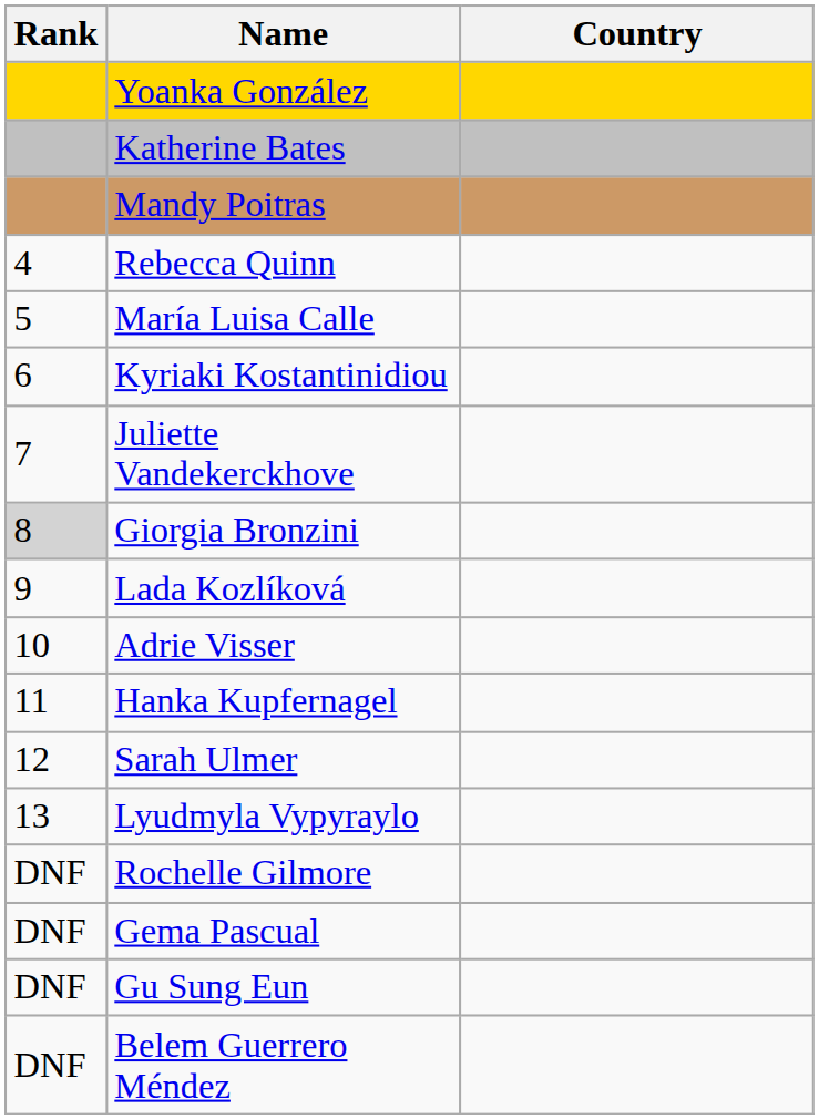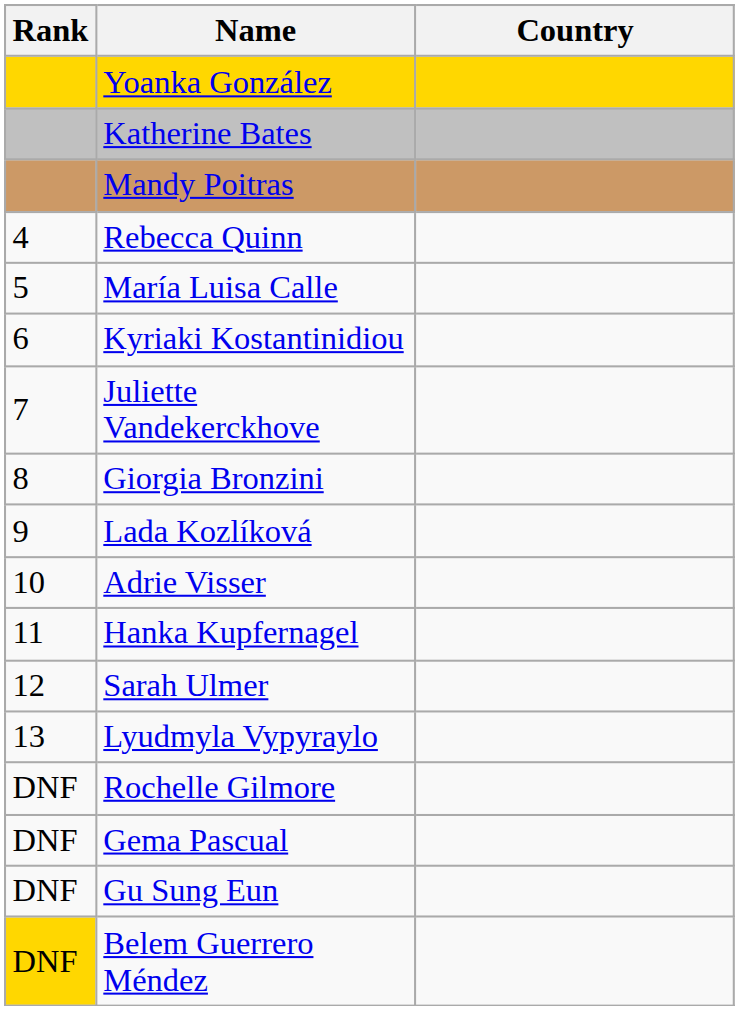 <table class="wikitable sortable">
 <tr>
 <th width=20>Rank</th>
 <th width=150>Name</th>
 <th width=150>Country</th>
 </tr>
 <tr bgcolor=gold>
 <td></td>
 <td><a href='#'>Yoanka González</a></td>
 <td></td>
 </tr>
 <tr bgcolor=silver>
 <td></td>
 <td><a href='#'>Katherine Bates</a></td>
 <td></td>
 </tr>
 <tr bgcolor=cc9966>
 <td></td>
 <td><a href='#'>Mandy Poitras</a></td>
 <td></td>
 </tr>
 <tr>
 <td>4</td>
 <td><a href='#'>Rebecca Quinn</a></td>
 <td></td>
 </tr>
 <tr>
 <td>5</td>
 <td><a href='#'>María Luisa Calle</a></td>
 <td></td>
 </tr>
 <tr>
 <td>6</td>
 <td><a href='#'>Kyriaki Kostantinidiou</a></td>
 <td></td>
 </tr>
 <tr>
 <td>7</td>
 <td><a href='#'>Juliette Vandekerckhove</a></td>
 <td></td>
 </tr>
 <tr>
-<td style="background: lightgrey;">8</td>
+<td>8</td>
 <td><a href='#'>Giorgia Bronzini</a></td>
 <td></td>
 </tr>
 <tr>
 <td>9</td>
 <td><a href='#'>Lada Kozlíková</a></td>
 <td></td>
 </tr>
 <tr>
 <td>10</td>
 <td><a href='#'>Adrie Visser</a></td>
 <td></td>
 </tr>
 <tr>
 <td>11</td>
 <td><a href='#'>Hanka Kupfernagel</a></td>
 <td></td>
 </tr>
 <tr>
 <td>12</td>
 <td><a href='#'>Sarah Ulmer</a></td>
 <td></td>
 </tr>
 <tr>
 <td>13</td>
 <td><a href='#'>Lyudmyla Vypyraylo</a></td>
 <td></td>
 </tr>
 <tr>
 <td>DNF</td>
 <td><a href='#'>Rochelle Gilmore</a></td>
 <td></td>
 </tr>
 <tr>
 <td>DNF</td>
 <td><a href='#'>Gema Pascual</a></td>
 <td></td>
 </tr>
 <tr>
 <td>DNF</td>
 <td><a href='#'>Gu Sung Eun</a></td>
 <td></td>
 </tr>
 <tr>
-<td>DNF</td>
+<td style="background: gold;">DNF</td>
 <td><a href='#'>Belem Guerrero Méndez</a></td>
 <td></td>
 </tr>
 <tr>
 </tr>
 </table>
